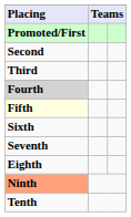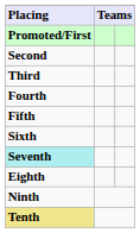 <table class=wikitable>
 <tr>
 </tr>
 <tr style="background: #E6E6FA;">
 <td><strong>Placing</strong></td>
 <td colspan="3" style="text-align:center"><strong>Teams</strong></td>
 </tr>
 <tr style="background: #ccffcc;">
 <td><strong>Promoted/First</strong></td>
 <td><strong></strong></td>
 <td><strong></strong></td>
 </tr>
 <tr>
 <td><strong>Second</strong></td>
 <td></td>
 <td></td>
 </tr>
 <tr>
 <td><strong>Third</strong></td>
 <td></td>
 <td></td>
 </tr>
 <tr>
-<td style="background: lightgrey;"><strong>Fourth</strong></td>
+<td><strong>Fourth</strong></td>
 <td></td>
 <td></td>
 </tr>
 <tr>
-<td style="background: lightyellow;"><strong>Fifth</strong></td>
+<td><strong>Fifth</strong></td>
 <td></td>
 <td></td>
 </tr>
 <tr>
 <td><strong>Sixth</strong></td>
 <td></td>
 <td></td>
 </tr>
 <tr>
-<td><strong>Seventh</strong></td>
+<td style="background: paleturquoise;"><strong>Seventh</strong></td>
 <td></td>
 <td></td>
 </tr>
 <tr>
 <td><strong>Eighth</strong></td>
 <td></td>
 <td></td>
 </tr>
 <tr>
-<td style="background: lightsalmon;"><strong>Ninth</strong></td>
+<td><strong>Ninth</strong></td>
 <td colspan=2></td>
 </tr>
 <tr>
-<td><strong>Tenth</strong></td>
+<td style="background: khaki;"><strong>Tenth</strong></td>
 <td colspan=2></td>
 </tr>
 </table>
